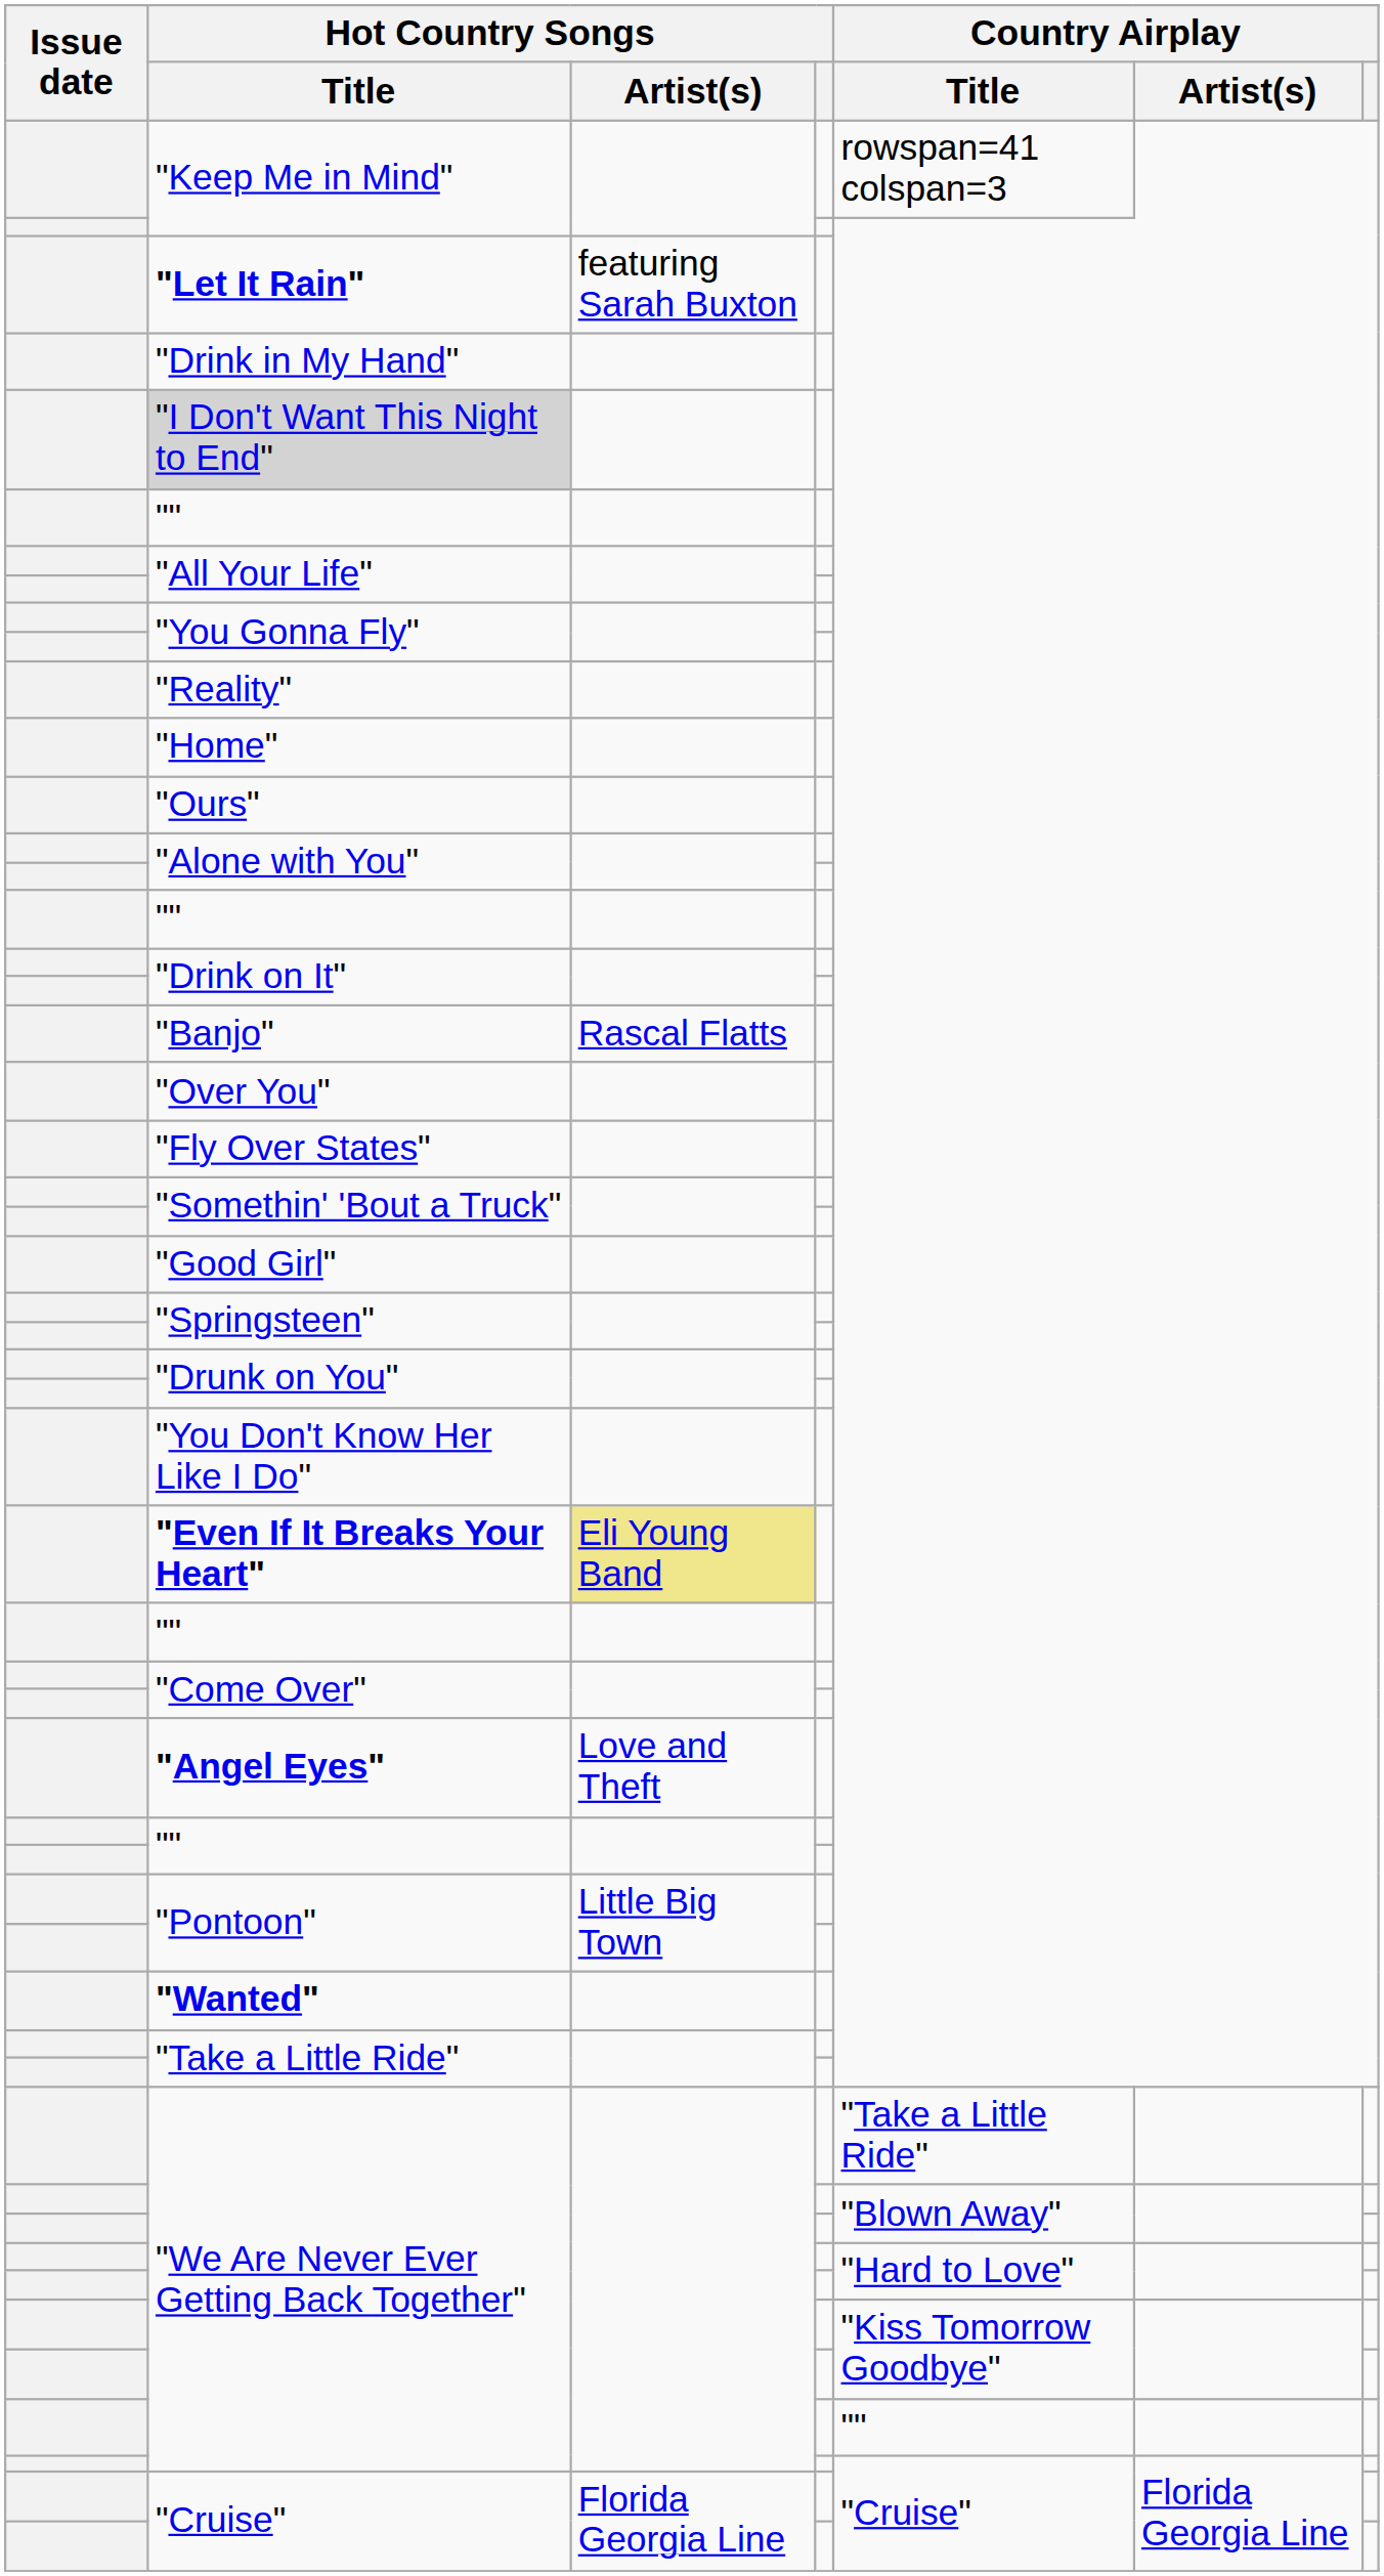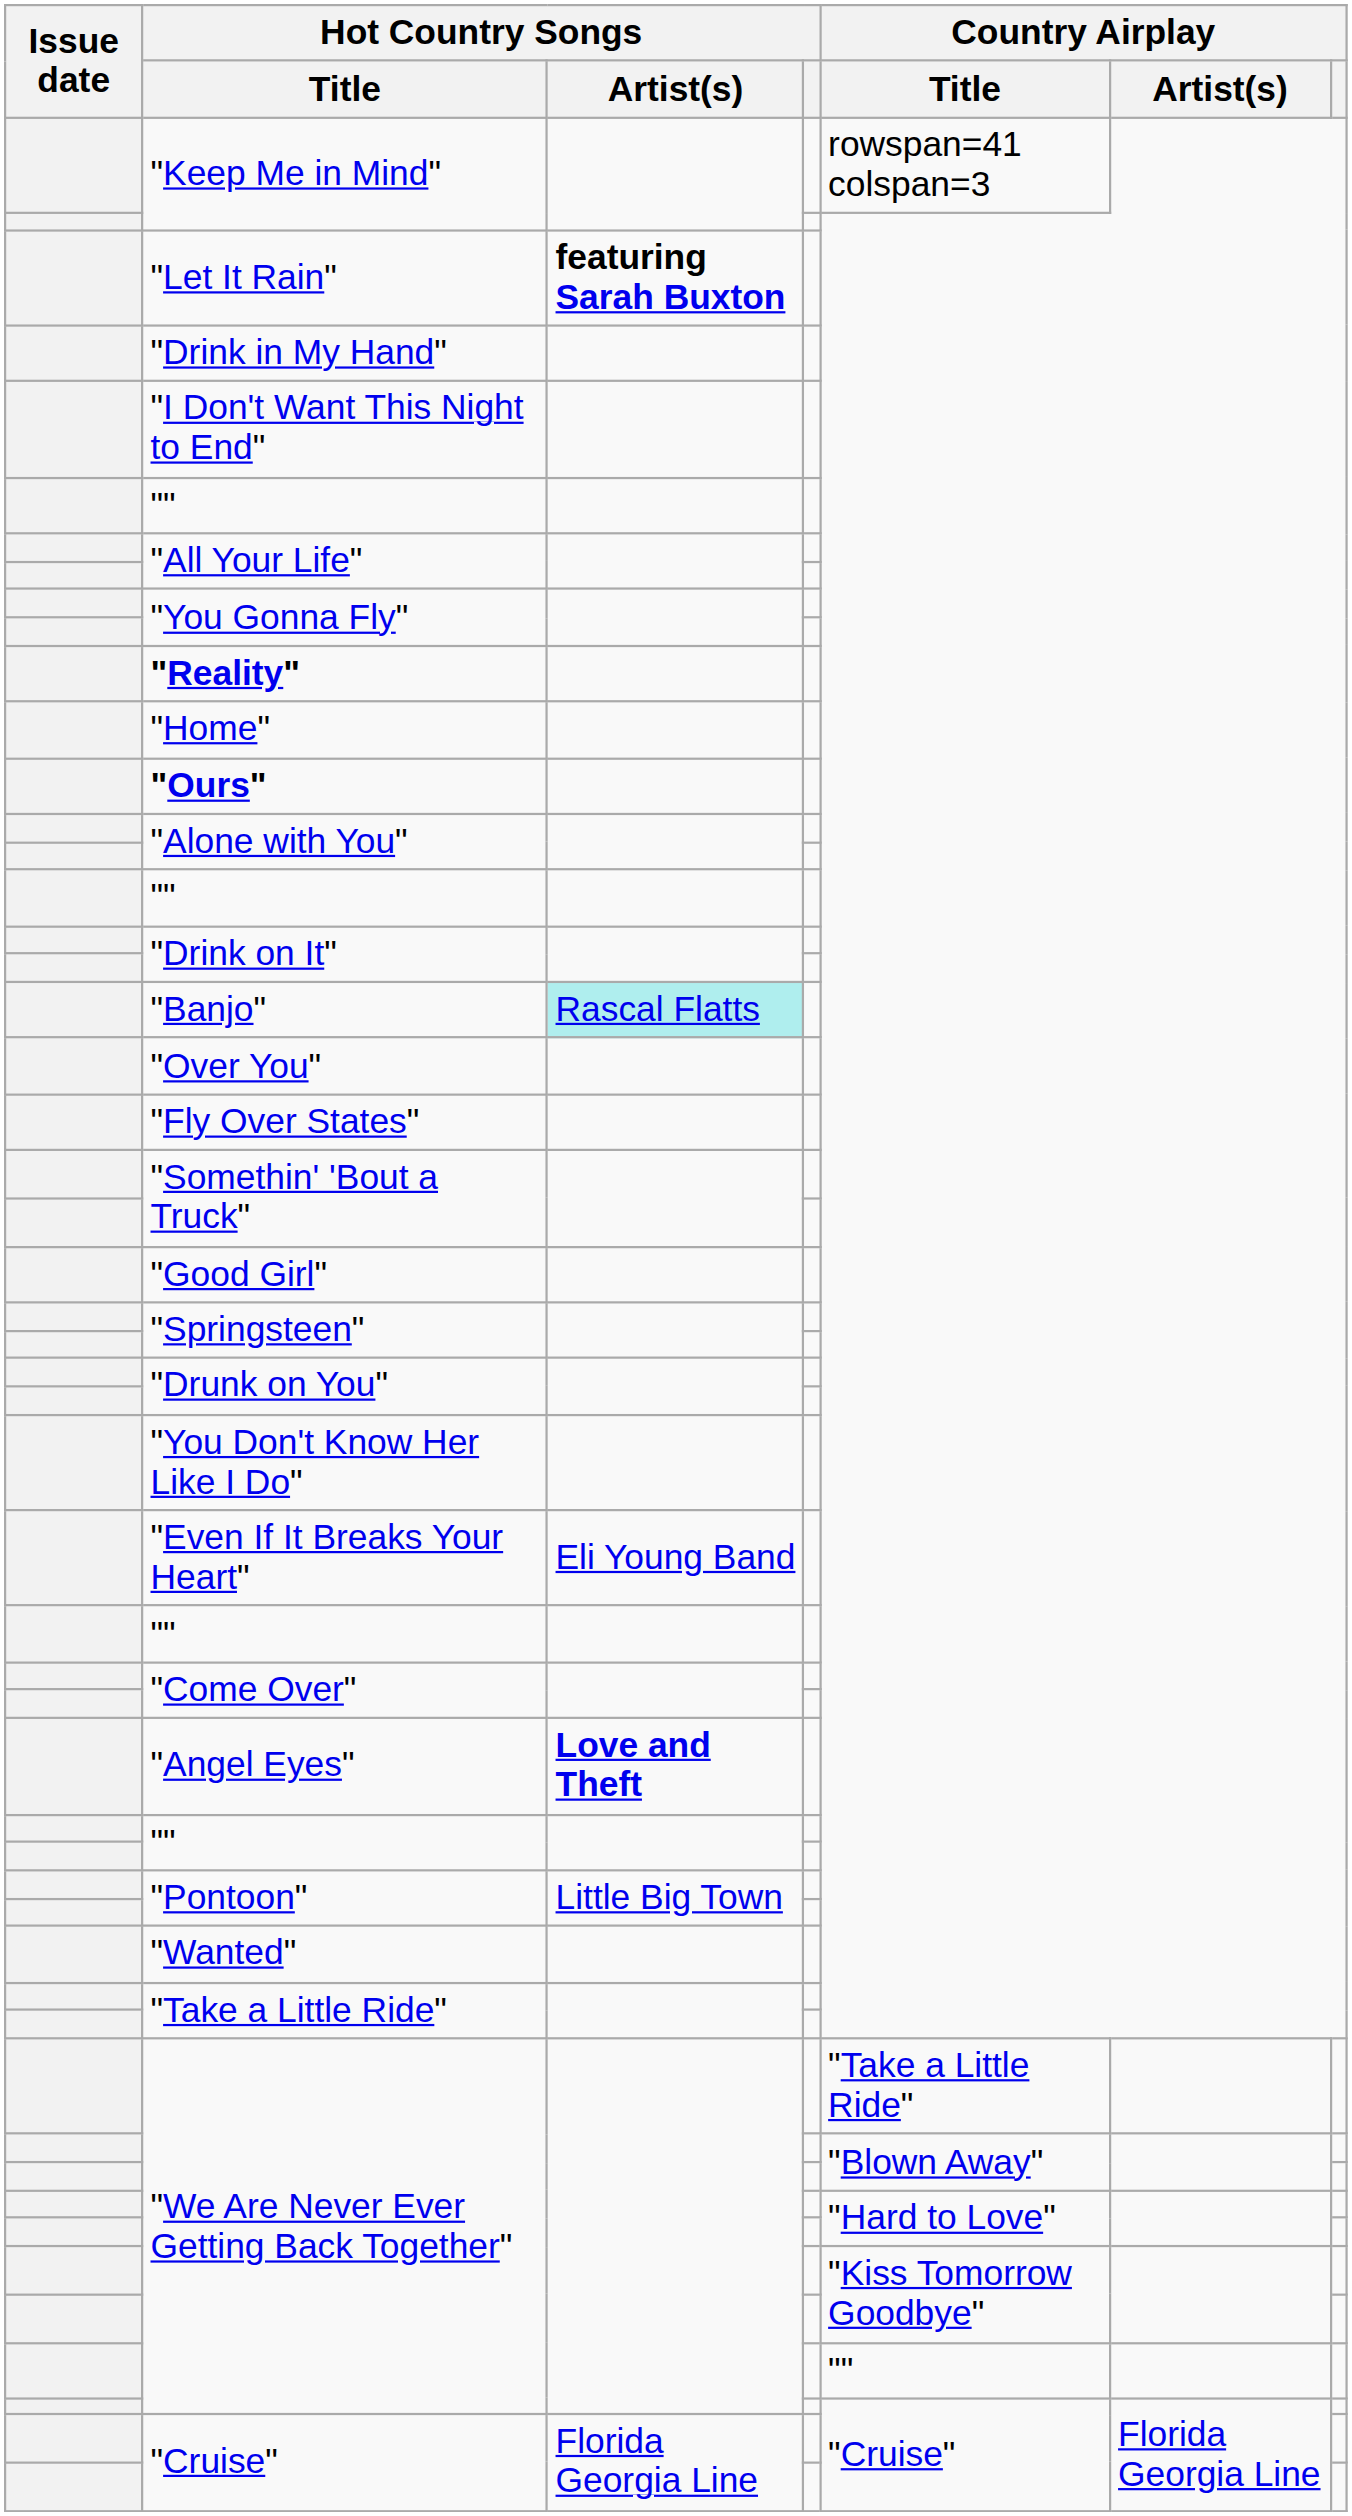 <table class="wikitable sortable plainrowheaders">
 <tr>
 <th scope=col rowspan=2>Issue date</th>
 <th scope=col colspan=3>Hot Country Songs</th>
 <th scope=col colspan=3>Country Airplay</th>
 </tr>
 <tr>
 <th scope=col>Title</th>
 <th scope=col>Artist(s)</th>
 <th scope=col class=unsortable></th>
 <th scope=col>Title</th>
 <th scope=col>Artist(s)</th>
 <th scope=col class=unsortable></th>
 </tr>
 <tr>
 <th scope=row></th>
 <td rowspan="2">"<a href='#'>Keep Me in Mind</a>"</td>
 <td rowspan="2"></td>
 <td align=center></td>
 <td>rowspan=41 colspan=3 </td>
 </tr>
 <tr>
 <th scope=row></th>
 <td align=center></td>
 </tr>
 <tr>
 <th scope=row></th>
-<td><strong>"<a href='#'>Let It Rain</a>"</strong></td>
-<td> featuring <a href='#'>Sarah Buxton</a></td>
+<td>"<a href='#'>Let It Rain</a>"</td>
+<td><strong> featuring <a href='#'>Sarah Buxton</a></strong></td>
 <td align=center></td>
 </tr>
 <tr>
 <th scope=row></th>
 <td>"<a href='#'>Drink in My Hand</a>"</td>
 <td></td>
 <td align=center></td>
 </tr>
 <tr>
 <th scope=row></th>
-<td style="background: lightgrey;">"<a href='#'>I Don't Want This Night to End</a>"</td>
+<td>"<a href='#'>I Don't Want This Night to End</a>"</td>
 <td></td>
 <td align=center></td>
 </tr>
 <tr>
 <th scope=row></th>
 <td>""</td>
 <td></td>
 <td align=center></td>
 </tr>
 <tr>
 <th scope=row></th>
 <td rowspan="2">"<a href='#'>All Your Life</a>"</td>
 <td rowspan="2"></td>
 <td align=center></td>
 </tr>
 <tr>
 <th scope=row></th>
 <td align=center></td>
 </tr>
 <tr>
 <th scope=row></th>
 <td rowspan="2">"<a href='#'>You Gonna Fly</a>"</td>
 <td rowspan="2"></td>
 <td align=center></td>
 </tr>
 <tr>
 <th scope=row></th>
 <td align=center></td>
 </tr>
 <tr>
 <th scope=row></th>
-<td>"<a href='#'>Reality</a>"</td>
+<td><strong>"<a href='#'>Reality</a>"</strong></td>
 <td></td>
 <td align=center></td>
 </tr>
 <tr>
 <th scope=row></th>
 <td>"<a href='#'>Home</a>"</td>
 <td></td>
 <td align=center></td>
 </tr>
 <tr>
 <th scope=row></th>
-<td>"<a href='#'>Ours</a>"</td>
+<td><strong>"<a href='#'>Ours</a>"</strong></td>
 <td></td>
 <td align=center></td>
 </tr>
 <tr>
 <th scope=row></th>
 <td rowspan="2">"<a href='#'>Alone with You</a>"</td>
 <td rowspan="2"></td>
 <td align=center></td>
 </tr>
 <tr>
 <th scope=row></th>
 <td align=center></td>
 </tr>
 <tr>
 <th scope=row></th>
 <td>""</td>
 <td></td>
 <td align=center></td>
 </tr>
 <tr>
 <th scope=row></th>
 <td rowspan="2">"<a href='#'>Drink on It</a>"</td>
 <td rowspan="2"></td>
 <td align=center></td>
 </tr>
 <tr>
 <th scope=row></th>
 <td align=center></td>
 </tr>
 <tr>
 <th scope=row></th>
 <td>"<a href='#'>Banjo</a>"</td>
-<td><a href='#'>Rascal Flatts</a></td>
+<td style="background: paleturquoise;"><a href='#'>Rascal Flatts</a></td>
 <td align=center></td>
 </tr>
 <tr>
 <th scope=row></th>
 <td>"<a href='#'>Over You</a>"</td>
 <td></td>
 <td align=center></td>
 </tr>
 <tr>
 <th scope=row></th>
 <td>"<a href='#'>Fly Over States</a>"</td>
 <td></td>
 <td align=center></td>
 </tr>
 <tr>
 <th scope=row></th>
 <td rowspan="2">"<a href='#'>Somethin' 'Bout a Truck</a>"</td>
 <td rowspan="2"></td>
 <td align=center></td>
 </tr>
 <tr>
 <th scope=row></th>
 <td align=center></td>
 </tr>
 <tr>
 <th scope=row></th>
 <td>"<a href='#'>Good Girl</a>"</td>
 <td></td>
 <td align=center></td>
 </tr>
 <tr>
 <th scope=row></th>
 <td rowspan="2">"<a href='#'>Springsteen</a>"</td>
 <td rowspan="2"></td>
 <td align=center></td>
 </tr>
 <tr>
 <th scope=row></th>
 <td align=center></td>
 </tr>
 <tr>
 <th scope=row></th>
 <td rowspan="2">"<a href='#'>Drunk on You</a>"</td>
 <td rowspan="2"></td>
 <td align=center></td>
 </tr>
 <tr>
 <th scope=row></th>
 <td align=center></td>
 </tr>
 <tr>
 <th scope=row></th>
 <td>"<a href='#'>You Don't Know Her Like I Do</a>"</td>
 <td></td>
 <td align=center></td>
 </tr>
 <tr>
 <th scope=row></th>
-<td><strong>"<a href='#'>Even If It Breaks Your Heart</a>"</strong></td>
-<td style="background: khaki;"><a href='#'>Eli Young Band</a></td>
+<td>"<a href='#'>Even If It Breaks Your Heart</a>"</td>
+<td><a href='#'>Eli Young Band</a></td>
 <td align=center></td>
 </tr>
 <tr>
 <th scope=row></th>
 <td>""</td>
 <td></td>
 <td align=center></td>
 </tr>
 <tr>
 <th scope=row></th>
 <td rowspan="2">"<a href='#'>Come Over</a>"</td>
 <td rowspan="2"></td>
 <td align=center></td>
 </tr>
 <tr>
 <th scope=row></th>
 <td align=center></td>
 </tr>
 <tr>
 <th scope=row></th>
-<td><strong>"<a href='#'>Angel Eyes</a>"</strong></td>
-<td><a href='#'>Love and Theft</a></td>
+<td>"<a href='#'>Angel Eyes</a>"</td>
+<td><strong><a href='#'>Love and Theft</a></strong></td>
 <td align=center></td>
 </tr>
 <tr>
 <th scope=row></th>
 <td rowspan="2">""</td>
 <td rowspan="2"></td>
 <td align=center></td>
 </tr>
 <tr>
 <th scope=row></th>
 <td align=center></td>
 </tr>
 <tr>
 <th scope=row></th>
 <td rowspan="2">"<a href='#'>Pontoon</a>"</td>
 <td rowspan="2"><a href='#'>Little Big Town</a></td>
 <td align=center></td>
 </tr>
 <tr>
 <th scope=row></th>
 <td align=center></td>
 </tr>
 <tr>
 <th scope=row></th>
-<td><strong>"<a href='#'>Wanted</a>"</strong></td>
+<td>"<a href='#'>Wanted</a>"</td>
 <td></td>
 <td align=center></td>
 </tr>
 <tr>
 <th scope=row></th>
 <td rowspan="2">"<a href='#'>Take a Little Ride</a>"</td>
 <td rowspan="2"></td>
 <td align=center></td>
 </tr>
 <tr>
 <th scope=row></th>
 <td align=center></td>
 </tr>
 <tr>
 <th scope=row></th>
 <td rowspan="9">"<a href='#'>We Are Never Ever Getting Back Together</a>"</td>
 <td rowspan="9"></td>
 <td align=center></td>
 <td>"<a href='#'>Take a Little Ride</a>"</td>
 <td></td>
 <td align="center"></td>
 </tr>
 <tr>
 <th scope=row></th>
 <td align=center></td>
 <td rowspan="2">"<a href='#'>Blown Away</a>"</td>
 <td rowspan="2"></td>
 <td align="center"></td>
 </tr>
 <tr>
 <th scope=row></th>
 <td align=center></td>
 <td align="center"></td>
 </tr>
 <tr>
 <th scope=row></th>
 <td align=center></td>
 <td rowspan="2">"<a href='#'>Hard to Love</a>"</td>
 <td rowspan="2"></td>
 <td align="center"></td>
 </tr>
 <tr>
 <th scope=row></th>
 <td align=center></td>
 <td align="center"></td>
 </tr>
 <tr>
 <th scope=row></th>
 <td align=center></td>
 <td rowspan="2">"<a href='#'>Kiss Tomorrow Goodbye</a>"</td>
 <td rowspan="2"></td>
 <td align="center"></td>
 </tr>
 <tr>
 <th scope=row></th>
 <td align=center></td>
 <td align="center"></td>
 </tr>
 <tr>
 <th scope=row></th>
 <td align=center></td>
 <td>""</td>
 <td></td>
 <td align="center"></td>
 </tr>
 <tr>
 <th scope=row></th>
 <td align=center></td>
 <td rowspan="3">"<a href='#'>Cruise</a>"</td>
 <td rowspan="3"><a href='#'>Florida Georgia Line</a></td>
 <td align="center"></td>
 </tr>
 <tr>
 <th scope=row></th>
 <td rowspan="2">"<a href='#'>Cruise</a>"</td>
 <td rowspan="2"><a href='#'>Florida Georgia Line</a></td>
 <td align=center></td>
 <td align="center"></td>
 </tr>
 <tr>
 <th scope=row></th>
 <td align=center></td>
 <td align="center"></td>
 </tr>
 </table>
